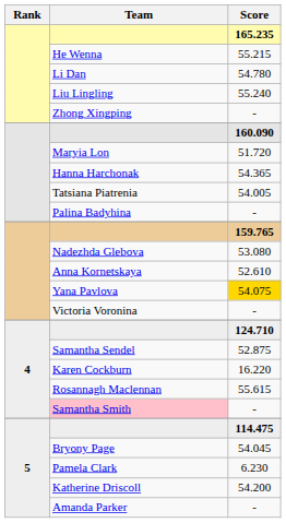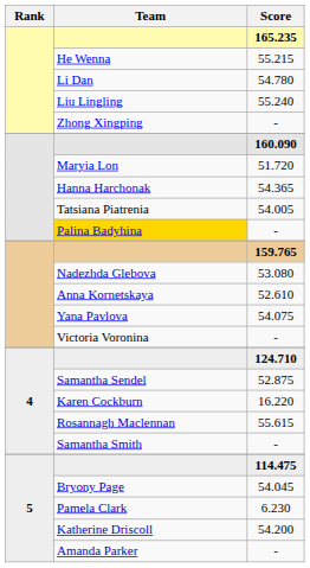 <table class="wikitable" style="text-align:center; font-size:95%">
 <tr>
 <th style="width:50px;">Rank</th>
 <th style="width:220px;">Team</th>
 <th style="width:60px;">Score</th>
 </tr>
 <tr style="background:#fffcaf;">
 <td rowspan=5></td>
 <td style="text-align:left;"><strong></strong></td>
 <td><strong>165.235</strong></td>
 </tr>
 <tr>
 <td style="text-align:left;"><a href='#'>He Wenna</a></td>
 <td>55.215</td>
 </tr>
 <tr>
 <td style="text-align:left;"><a href='#'>Li Dan</a></td>
 <td>54.780</td>
 </tr>
 <tr>
 <td style="text-align:left;"><a href='#'>Liu Lingling</a></td>
 <td>55.240</td>
 </tr>
 <tr>
 <td style="text-align:left;"><a href='#'>Zhong Xingping</a></td>
 <td>-</td>
 </tr>
 <tr>
 </tr>
 <tr style="background:#e5e5e5;">
 <td rowspan=5></td>
 <td style="text-align:left;"><strong></strong></td>
 <td><strong>160.090</strong></td>
 </tr>
 <tr>
 <td style="text-align:left;"><a href='#'>Maryia Lon</a></td>
 <td>51.720</td>
 </tr>
 <tr>
 <td style="text-align:left;"><a href='#'>Hanna Harchonak</a></td>
 <td>54.365</td>
 </tr>
 <tr>
 <td style="text-align:left;">Tatsiana Piatrenia</td>
 <td>54.005</td>
 </tr>
 <tr>
-<td style="text-align:left;"><a href='#'>Palina Badyhina</a></td>
+<td style="background: gold; text-align:left;"><a href='#'>Palina Badyhina</a></td>
 <td>-</td>
 </tr>
 <tr>
 </tr>
 <tr style="background:#ec9;">
 <td rowspan=5></td>
 <td style="text-align:left;"><strong></strong></td>
 <td><strong>159.765</strong></td>
 </tr>
 <tr>
 <td style="text-align:left;"><a href='#'>Nadezhda Glebova</a></td>
 <td>53.080</td>
 </tr>
 <tr>
 <td style="text-align:left;"><a href='#'>Anna Kornetskaya</a></td>
 <td>52.610</td>
 </tr>
 <tr>
 <td style="text-align:left;"><a href='#'>Yana Pavlova</a></td>
-<td style="background: gold;">54.075</td>
+<td>54.075</td>
 </tr>
 <tr>
 <td style="text-align:left;">Victoria Voronina</td>
 <td>-</td>
 </tr>
 <tr>
 </tr>
 <tr style="background:#eee;">
 <td rowspan=5><strong>4</strong></td>
 <td style="text-align:left;"><strong></strong></td>
 <td><strong>124.710</strong></td>
 </tr>
 <tr>
 <td style="text-align:left;"><a href='#'>Samantha Sendel</a></td>
 <td>52.875</td>
 </tr>
 <tr>
 <td style="text-align:left;"><a href='#'>Karen Cockburn</a></td>
 <td>16.220</td>
 </tr>
 <tr>
 <td style="text-align:left;"><a href='#'>Rosannagh Maclennan</a></td>
 <td>55.615</td>
 </tr>
 <tr>
-<td style="background: pink; text-align:left;"><a href='#'>Samantha Smith</a></td>
+<td style="text-align:left;"><a href='#'>Samantha Smith</a></td>
 <td>-</td>
 </tr>
 <tr>
 </tr>
 <tr style="background:#eee;">
 <td rowspan=5><strong>5</strong></td>
 <td style="text-align:left;"><strong></strong></td>
 <td><strong>114.475</strong></td>
 </tr>
 <tr>
 <td style="text-align:left;"><a href='#'>Bryony Page</a></td>
 <td>54.045</td>
 </tr>
 <tr>
 <td style="text-align:left;"><a href='#'>Pamela Clark</a></td>
 <td>6.230</td>
 </tr>
 <tr>
 <td style="text-align:left;"><a href='#'>Katherine Driscoll</a></td>
 <td>54.200</td>
 </tr>
 <tr>
 <td style="text-align:left;"><a href='#'>Amanda Parker</a></td>
 <td>-</td>
 </tr>
 </table>
